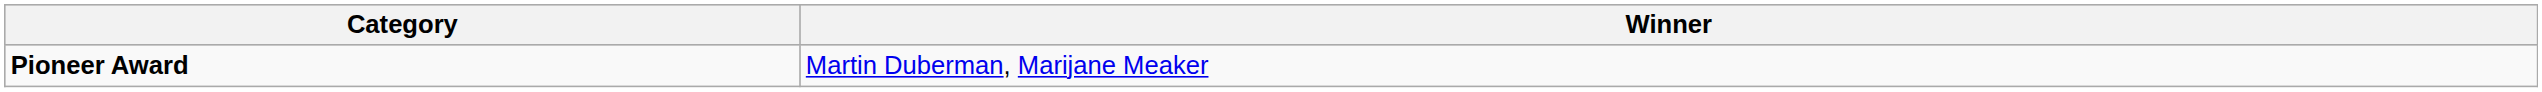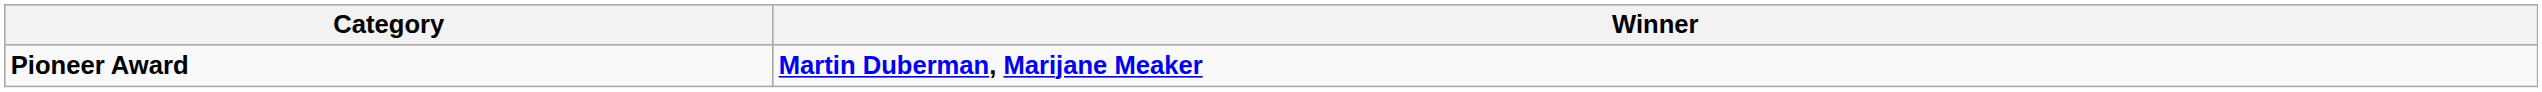 <table class="wikitable" width="100%">
 <tr>
 <th>Category</th>
 <th>Winner</th>
 </tr>
 <tr>
 <td><strong>Pioneer Award</strong></td>
-<td><a href='#'>Martin Duberman</a>, <a href='#'>Marijane Meaker</a></td>
+<td><strong><a href='#'>Martin Duberman</a>, <a href='#'>Marijane Meaker</a></strong></td>
 </tr>
 </table>
